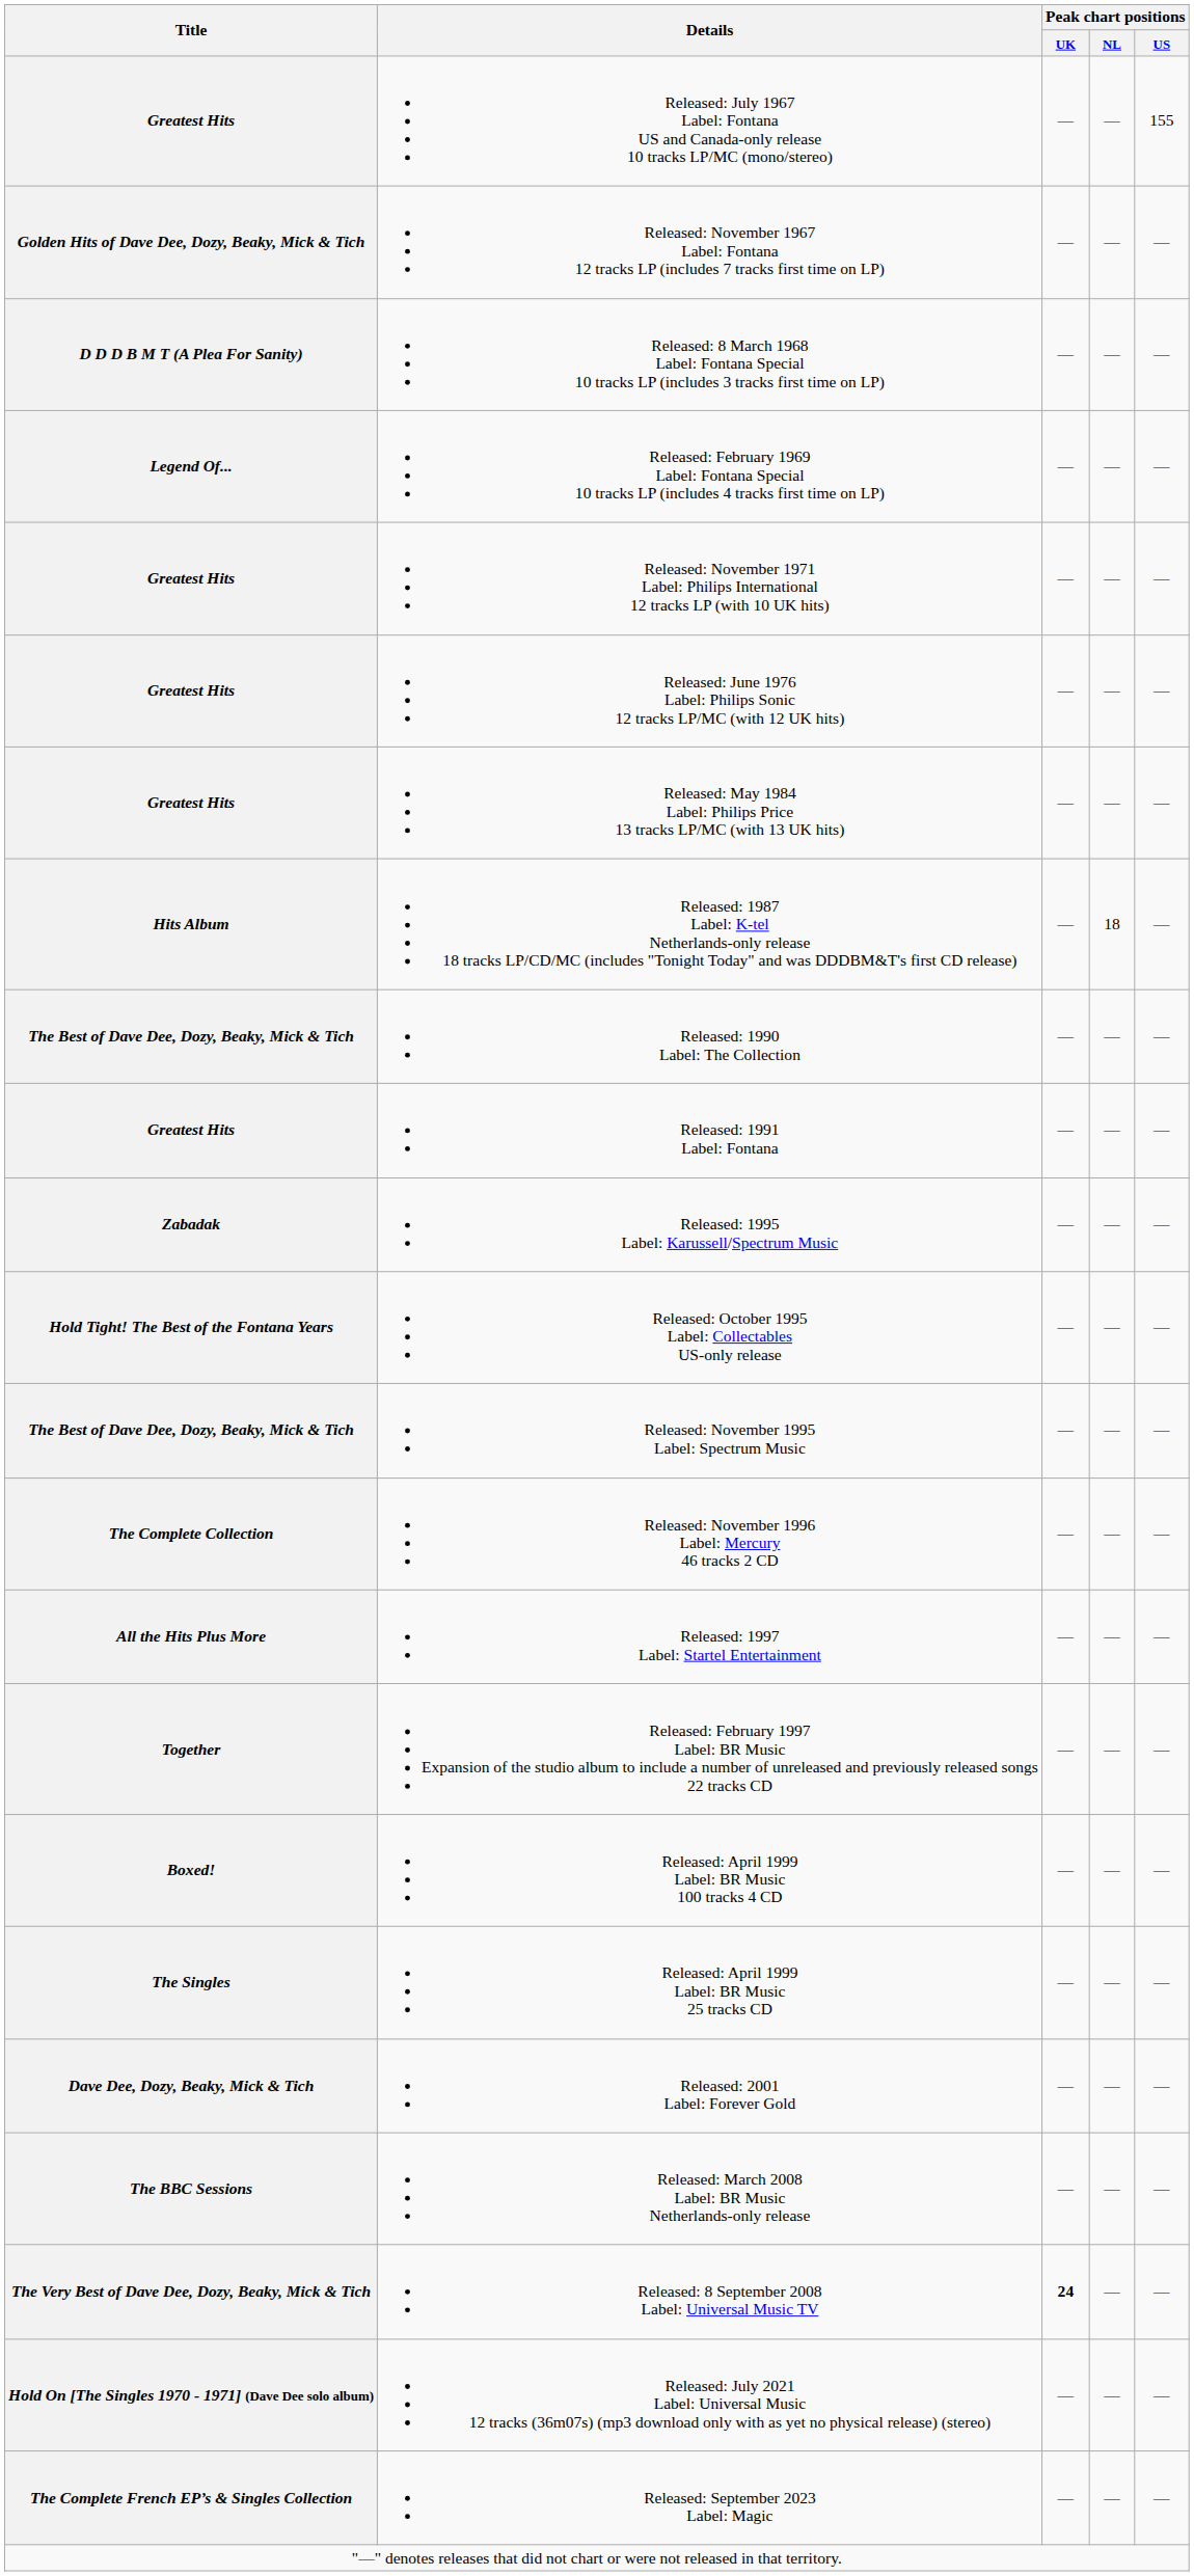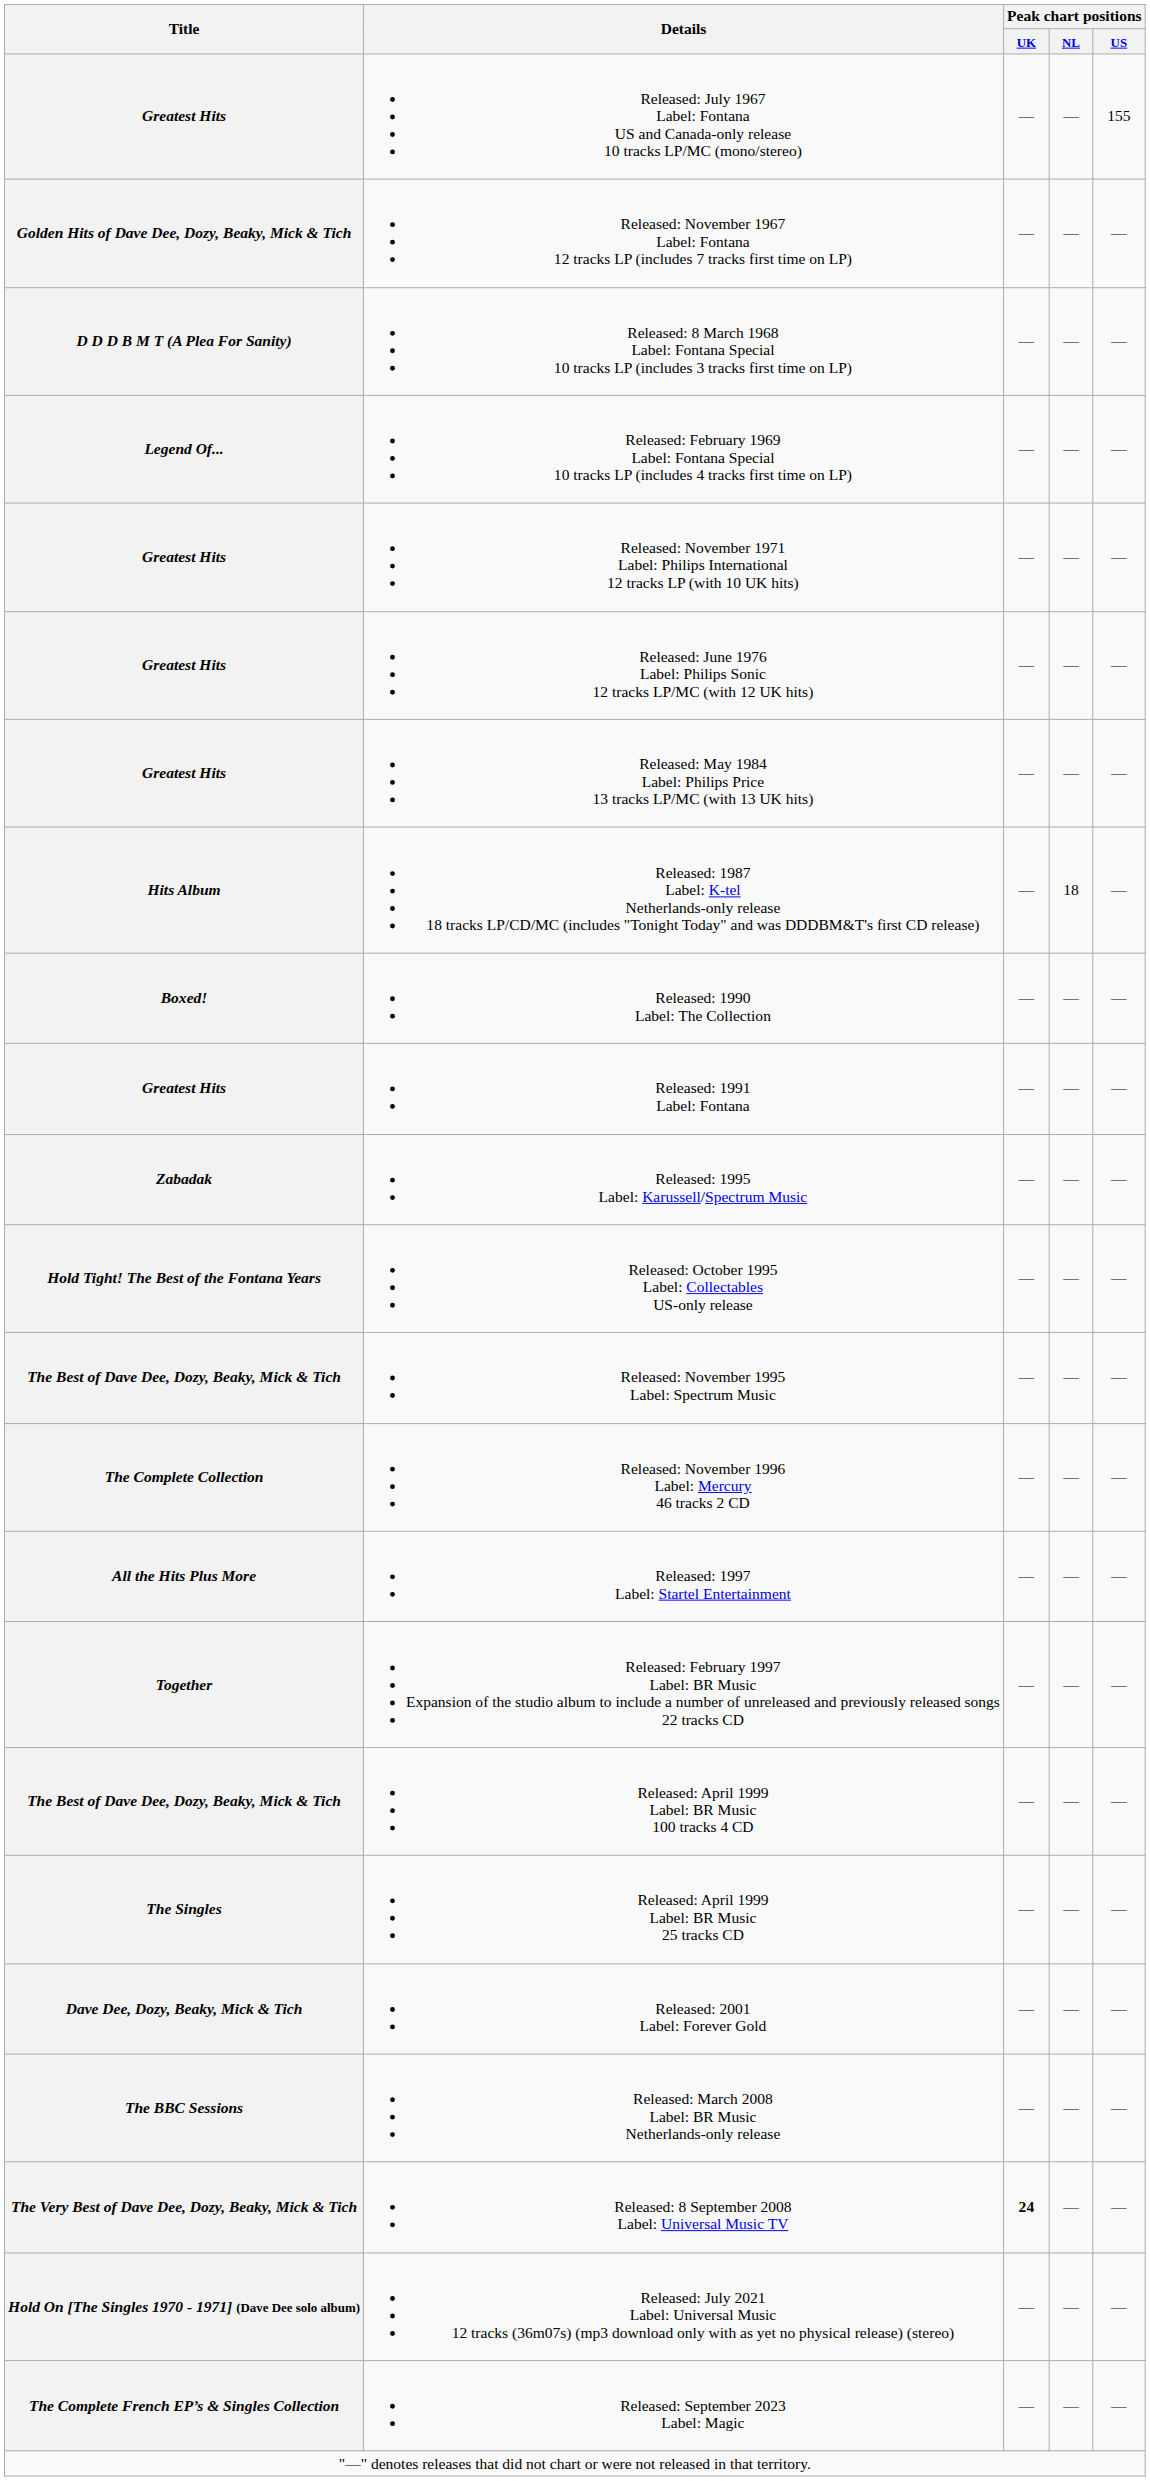 <table class="wikitable plainrowheaders" style="text-align:center;">
 <tr>
 <th scope="col" rowspan="2">Title</th>
 <th scope="col" rowspan="2">Details</th>
 <th colspan="3">Peak chart positions</th>
 </tr>
 <tr>
 <th scope="col"><small><a href='#'>UK</a></small><br></th>
 <th scope="col"><small><a href='#'>NL</a></small><br></th>
 <th scope="col"><small><a href='#'>US</a></small><br></th>
 </tr>
 <tr>
 <th scope="row"><em>Greatest Hits</em>   </th>
 <td><br><ul><li>Released: July 1967</li><li>Label: Fontana</li><li>US and Canada-only release</li><li>10 tracks LP/MC (mono/stereo) </li></ul></td>
 <td>—</td>
 <td>—</td>
 <td>155</td>
 </tr>
 <tr>
 <th scope="row"><em>Golden Hits of Dave Dee, Dozy, Beaky, Mick & Tich</em></th>
 <td><br><ul><li>Released: November 1967</li><li>Label: Fontana</li><li>12 tracks LP (includes 7 tracks first time on LP)</li></ul></td>
 <td>—</td>
 <td>—</td>
 <td>—</td>
 </tr>
 <tr>
 <th scope="row"><em>D D D B M T (A Plea For Sanity)</em></th>
 <td><br><ul><li>Released: 8 March 1968</li><li>Label: Fontana Special</li><li>10 tracks LP (includes 3 tracks first time on LP)</li></ul></td>
 <td>—</td>
 <td>—</td>
 <td>—</td>
 </tr>
 <tr>
 <th scope="row"><em>Legend Of...</em></th>
 <td><br><ul><li>Released: February 1969</li><li>Label: Fontana Special</li><li>10 tracks LP (includes 4 tracks first time on LP)</li></ul></td>
 <td>—</td>
 <td>—</td>
 <td>—</td>
 </tr>
 <tr>
 <th scope="row"><em>Greatest Hits</em></th>
 <td><br><ul><li>Released: November 1971</li><li>Label: Philips International</li><li>12 tracks LP (with 10 UK hits)</li></ul></td>
 <td>—</td>
 <td>—</td>
 <td>—</td>
 </tr>
 <tr>
 <th scope="row"><em>Greatest Hits</em></th>
 <td><br><ul><li>Released: June 1976</li><li>Label: Philips Sonic</li><li>12 tracks LP/MC (with 12 UK hits)</li></ul></td>
 <td>—</td>
 <td>—</td>
 <td>—</td>
 </tr>
 <tr>
 <th scope="row"><em>Greatest Hits</em></th>
 <td><br><ul><li>Released: May 1984</li><li>Label: Philips Price</li><li>13 tracks LP/MC (with 13 UK hits)</li></ul></td>
 <td>—</td>
 <td>—</td>
 <td>—</td>
 </tr>
 <tr>
 <th scope="row"><em>Hits Album</em></th>
 <td><br><ul><li>Released: 1987</li><li>Label: <a href='#'>K-tel</a></li><li>Netherlands-only release</li><li>18 tracks LP/CD/MC (includes "Tonight Today" and was DDDBM&T's first CD release)</li></ul></td>
 <td>—</td>
 <td>18</td>
 <td>—</td>
 </tr>
 <tr>
-<th scope="row"><em>The Best of Dave Dee, Dozy, Beaky, Mick & Tich</em></th>
+<th scope="row"><em>Boxed!</em></th>
 <td><br><ul><li>Released: 1990</li><li>Label: The Collection</li></ul></td>
 <td>—</td>
 <td>—</td>
 <td>—</td>
 </tr>
 <tr>
 <th scope="row"><em>Greatest Hits</em></th>
 <td><br><ul><li>Released: 1991</li><li>Label: Fontana</li></ul></td>
 <td>—</td>
 <td>—</td>
 <td>—</td>
 </tr>
 <tr>
 <th scope="row"><em>Zabadak</em></th>
 <td><br><ul><li>Released: 1995</li><li>Label: <a href='#'>Karussell</a>/<a href='#'>Spectrum Music</a></li></ul></td>
 <td>—</td>
 <td>—</td>
 <td>—</td>
 </tr>
 <tr>
 <th scope="row"><em>Hold Tight! The Best of the Fontana Years</em></th>
 <td><br><ul><li>Released: October 1995</li><li>Label: <a href='#'>Collectables</a></li><li>US-only release</li></ul></td>
 <td>—</td>
 <td>—</td>
 <td>—</td>
 </tr>
 <tr>
 <th scope="row"><em>The Best of Dave Dee, Dozy, Beaky, Mick & Tich</em></th>
 <td><br><ul><li>Released: November 1995</li><li>Label: Spectrum Music</li></ul></td>
 <td>—</td>
 <td>—</td>
 <td>—</td>
 </tr>
 <tr>
 <th scope="row"><em>The Complete Collection</em></th>
 <td><br><ul><li>Released: November 1996</li><li>Label: <a href='#'>Mercury</a></li><li>46 tracks 2 CD</li></ul></td>
 <td>—</td>
 <td>—</td>
 <td>—</td>
 </tr>
 <tr>
 <th scope="row"><em>All the Hits Plus More</em></th>
 <td><br><ul><li>Released: 1997</li><li>Label: <a href='#'>Startel Entertainment</a></li></ul></td>
 <td>—</td>
 <td>—</td>
 <td>—</td>
 </tr>
 <tr>
 <th scope="row"><em>Together</em></th>
 <td><br><ul><li>Released: February 1997</li><li>Label: BR Music</li><li>Expansion of the studio album to include a number of unreleased and previously released songs</li><li>22 tracks CD</li></ul></td>
 <td>—</td>
 <td>—</td>
 <td>—</td>
 </tr>
 <tr>
-<th scope="row"><em>Boxed!</em></th>
+<th scope="row"><em>The Best of Dave Dee, Dozy, Beaky, Mick & Tich</em></th>
 <td><br><ul><li>Released: April 1999</li><li>Label: BR Music</li><li>100 tracks 4 CD</li></ul></td>
 <td>—</td>
 <td>—</td>
 <td>—</td>
 </tr>
 <tr>
 <th scope="row"><em>The Singles</em></th>
 <td><br><ul><li>Released: April 1999</li><li>Label: BR Music</li><li>25 tracks CD</li></ul></td>
 <td>—</td>
 <td>—</td>
 <td>—</td>
 </tr>
 <tr>
 <th scope="row"><em>Dave Dee, Dozy, Beaky, Mick & Tich</em></th>
 <td><br><ul><li>Released: 2001</li><li>Label: Forever Gold</li></ul></td>
 <td>—</td>
 <td>—</td>
 <td>—</td>
 </tr>
 <tr>
 <th scope="row"><em>The BBC Sessions</em></th>
 <td><br><ul><li>Released: March 2008</li><li>Label: BR Music</li><li>Netherlands-only release</li></ul></td>
 <td>—</td>
 <td>—</td>
 <td>—</td>
 </tr>
 <tr>
 <th scope="row"><em>The Very Best of Dave Dee, Dozy, Beaky, Mick & Tich</em></th>
 <td><br><ul><li>Released: 8 September 2008</li><li>Label: <a href='#'>Universal Music TV</a></li></ul></td>
 <td><strong>24</strong></td>
 <td>—</td>
 <td>—</td>
 </tr>
 <tr>
 <th scope="row"><em>Hold On [The Singles 1970 - 1971]</em> <small>(Dave Dee solo album)</small> </th>
 <td><br><ul><li>Released: July 2021</li><li>Label: Universal Music</li><li>12 tracks (36m07s) (mp3 download only with as yet no physical release) (stereo)</li></ul></td>
 <td>—</td>
 <td>—</td>
 <td>—</td>
 </tr>
 <tr>
 <th scope="row"><em>The Complete French EP’s & Singles Collection</em></th>
 <td><br><ul><li>Released: September 2023</li><li>Label: Magic</li></ul></td>
 <td>—</td>
 <td>—</td>
 <td>—</td>
 </tr>
 <tr>
 <td colspan="5">"—" denotes releases that did not chart or were not released in that territory.</td>
 </tr>
 </table>
